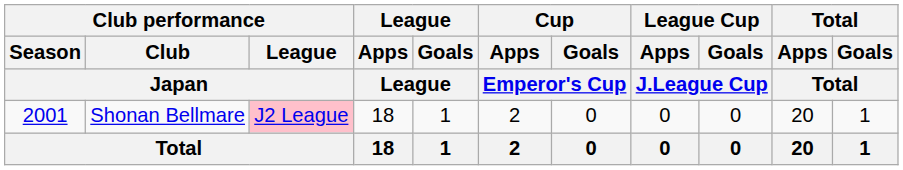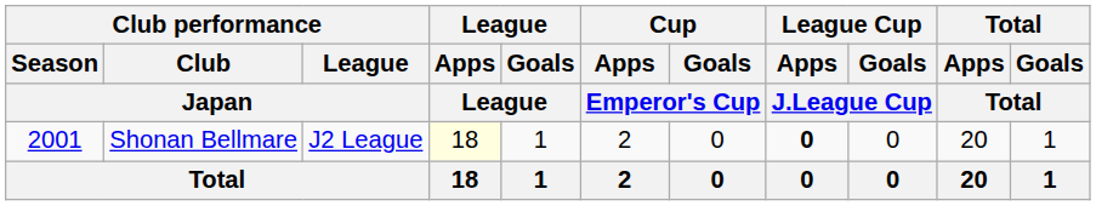 <table class="wikitable" style="text-align:center;">
 <tr>
 <th colspan=3>Club performance</th>
 <th colspan=2>League</th>
 <th colspan=2>Cup</th>
 <th colspan=2>League Cup</th>
 <th colspan=2>Total</th>
 </tr>
 <tr>
 <th>Season</th>
 <th>Club</th>
 <th>League</th>
 <th>Apps</th>
 <th>Goals</th>
 <th>Apps</th>
 <th>Goals</th>
 <th>Apps</th>
 <th>Goals</th>
 <th>Apps</th>
 <th>Goals</th>
 </tr>
 <tr>
 <th colspan=3>Japan</th>
 <th colspan=2>League</th>
 <th colspan=2><a href='#'>Emperor's Cup</a></th>
 <th colspan=2><a href='#'>J.League Cup</a></th>
 <th colspan=2>Total</th>
 </tr>
 <tr>
 <td><a href='#'>2001</a></td>
 <td><a href='#'>Shonan Bellmare</a></td>
-<td style="background: pink;"><a href='#'>J2 League</a></td>
-<td>18</td>
+<td><a href='#'>J2 League</a></td>
+<td style="background: lightyellow;">18</td>
 <td>1</td>
 <td>2</td>
 <td>0</td>
-<td>0</td>
+<td><strong>0</strong></td>
 <td>0</td>
 <td>20</td>
 <td>1</td>
 </tr>
 <tr>
 <th colspan=3>Total</th>
 <th>18</th>
 <th>1</th>
 <th>2</th>
 <th>0</th>
 <th>0</th>
 <th>0</th>
 <th>20</th>
 <th>1</th>
 </tr>
 </table>
